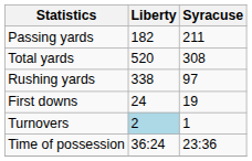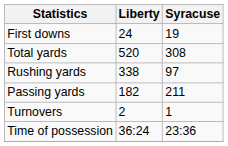 <table class="wikitable">
 <tr>
 <th>Statistics</th>
 <th>Liberty</th>
 <th>Syracuse</th>
 </tr>
 <tr>
-<td>Passing yards</td>
-<td>182</td>
-<td>211</td>
+<td>First downs</td>
+<td>24</td>
+<td>19</td>
 </tr>
 <tr>
 <td>Total yards</td>
 <td>520</td>
 <td>308</td>
 </tr>
 <tr>
 <td>Rushing yards</td>
 <td>338</td>
 <td>97</td>
 </tr>
 <tr>
-<td>First downs</td>
-<td>24</td>
-<td>19</td>
+<td>Passing yards</td>
+<td>182</td>
+<td>211</td>
 </tr>
 <tr>
 <td>Turnovers</td>
-<td style="background: lightblue;">2</td>
+<td>2</td>
 <td>1</td>
 </tr>
 <tr>
 <td>Time of possession</td>
 <td>36:24</td>
 <td>23:36</td>
 </tr>
 <tr>
 </tr>
 </table>
